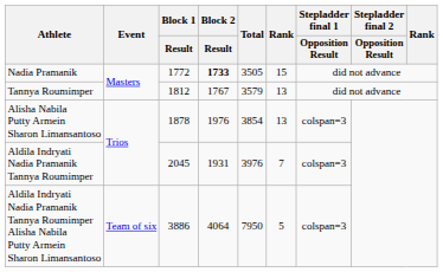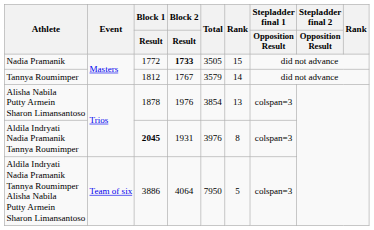 <table class=wikitable style=font-size:90%;text-align:center>
 <tr>
 <th rowspan="2">Athlete</th>
 <th rowspan="2">Event</th>
 <th>Block 1</th>
 <th>Block 2</th>
 <th rowspan="2">Total</th>
 <th rowspan="2">Rank</th>
 <th>Stepladder<br>final 1</th>
 <th>Stepladder<br>final 2</th>
 <th rowspan="2">Rank</th>
 </tr>
 <tr style="font-size:95%">
 <th>Result</th>
 <th>Result</th>
 <th>Opposition<br>Result</th>
 <th>Opposition<br>Result</th>
 </tr>
 <tr>
 <td align=left>Nadia Pramanik</td>
 <td align=left rowspan=2><a href='#'>Masters</a></td>
 <td>1772</td>
 <td><strong>1733</strong></td>
 <td>3505</td>
 <td>15</td>
 <td colspan=3>did not advance</td>
 </tr>
 <tr>
 <td align=left>Tannya Roumimper</td>
 <td>1812</td>
 <td>1767</td>
 <td>3579</td>
-<td>13</td>
+<td>14</td>
 <td colspan=3>did not advance</td>
 </tr>
 <tr>
 <td align=left>Alisha Nabila<br>Putty Armein<br>Sharon Limansantoso</td>
 <td align=left rowspan=2><a href='#'>Trios</a></td>
 <td>1878</td>
 <td>1976</td>
 <td>3854</td>
 <td>13</td>
 <td>colspan=3 </td>
 </tr>
 <tr>
 <td align=left>Aldila Indryati<br>Nadia Pramanik<br>Tannya Roumimper</td>
-<td>2045</td>
+<td><strong>2045</strong></td>
 <td>1931</td>
 <td>3976</td>
-<td>7</td>
+<td>8</td>
 <td>colspan=3 </td>
 </tr>
 <tr>
 <td align=left>Aldila Indryati<br>Nadia Pramanik<br>Tannya Roumimper<br>Alisha Nabila<br>Putty Armein<br>Sharon Limansantoso</td>
 <td align=left><a href='#'>Team of six</a></td>
 <td>3886</td>
 <td>4064</td>
 <td>7950</td>
 <td>5</td>
 <td>colspan=3 </td>
 </tr>
 </table>
